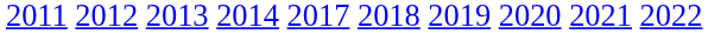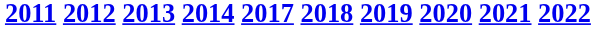 <table id="toc" class="toc" summary="Contents">
 <tr>
 <th></th>
 </tr>
 <tr>
-<td align="center"><a href='#'>2011</a>  <a href='#'>2012</a>  <a href='#'>2013</a>  <a href='#'>2014</a>  <a href='#'>2017</a>  <a href='#'>2018</a>  <a href='#'>2019</a>  <a href='#'>2020</a>  <a href='#'>2021</a>  <a href='#'>2022</a></td>
+<td align="center"><strong><a href='#'>2011</a>  <a href='#'>2012</a>  <a href='#'>2013</a>  <a href='#'>2014</a>  <a href='#'>2017</a>  <a href='#'>2018</a>  <a href='#'>2019</a>  <a href='#'>2020</a>  <a href='#'>2021</a>  <a href='#'>2022</a></strong></td>
 </tr>
 </table>
